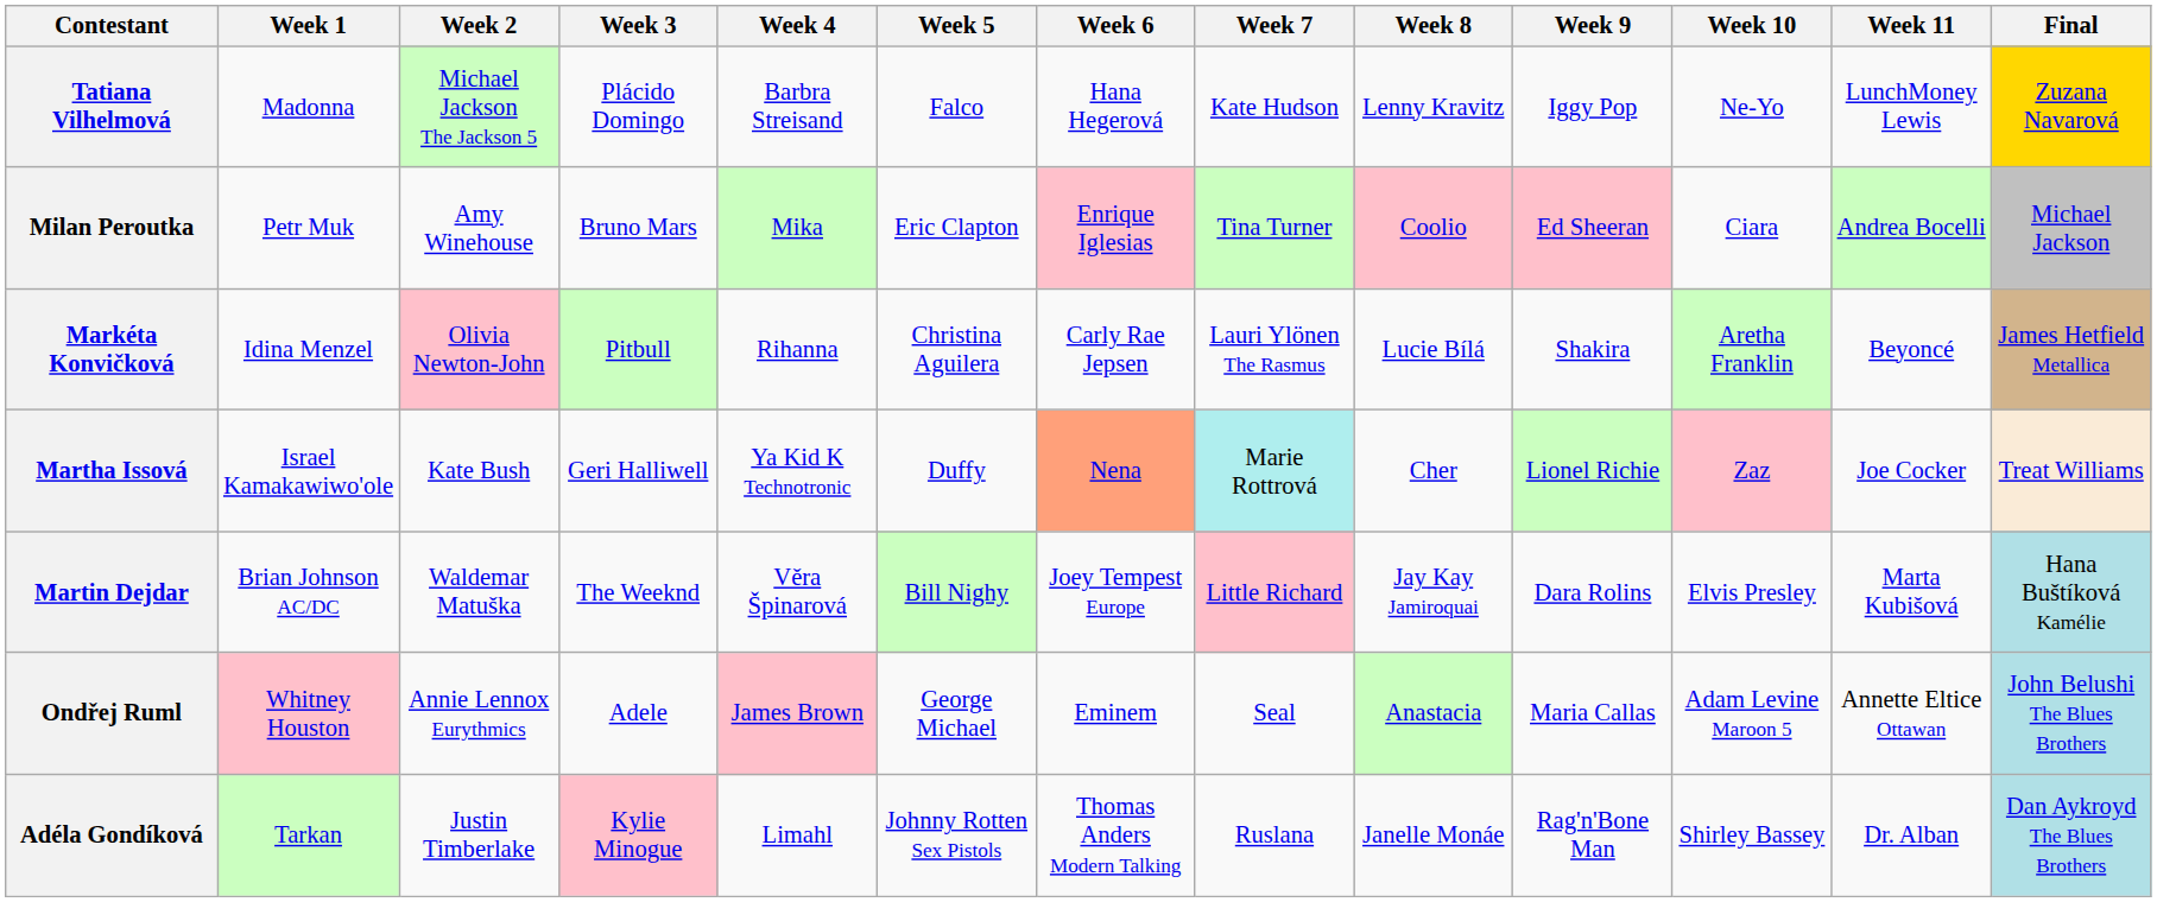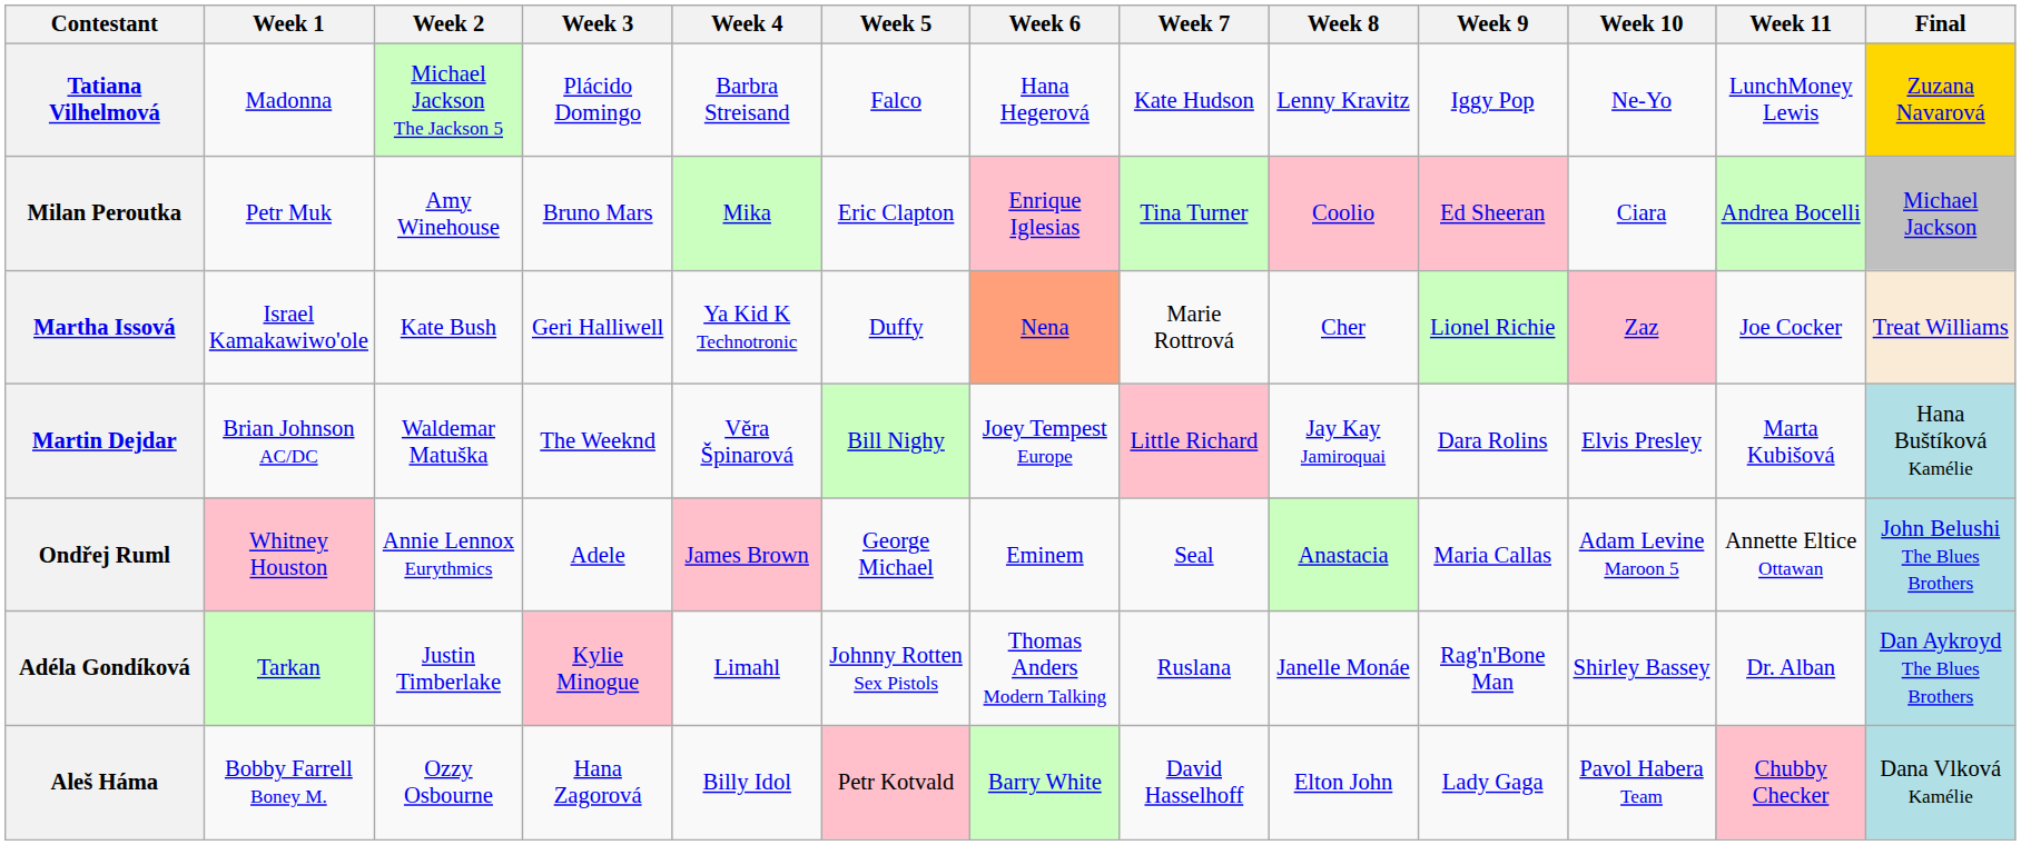 <table class="wikitable" style="font-size:90%; text-align:center; margin-left: auto; margin-right: auto">
 <tr>
 <th style="width: 10%;">Contestant</th>
 <th style="width: 7.5%;">Week 1</th>
 <th style="width: 7.5%;">Week 2</th>
 <th style="width: 7.5%;">Week 3</th>
 <th style="width: 7.5%;">Week 4</th>
 <th style="width: 7.5%;">Week 5</th>
 <th style="width: 7.5%;">Week 6</th>
 <th style="width: 7.5%;">Week 7</th>
 <th style="width: 7.5%;">Week 8</th>
 <th style="width: 7.5%;">Week 9</th>
 <th style="width: 7.5%;">Week 10</th>
 <th style="width: 7.5%;">Week 11</th>
 <th style="width: 7.5%;">Final</th>
 </tr>
 <tr>
 <th style=height:4.5em><a href='#'>Tatiana Vilhelmová</a></th>
 <td><a href='#'>Madonna</a></td>
 <td style="background:#cbffc0"><a href='#'>Michael Jackson</a> <br><small><a href='#'>The Jackson 5</a></small></td>
 <td><a href='#'>Plácido Domingo</a></td>
 <td><a href='#'>Barbra Streisand</a></td>
 <td><a href='#'>Falco</a></td>
 <td><a href='#'>Hana Hegerová</a></td>
 <td><a href='#'>Kate Hudson</a></td>
 <td><a href='#'>Lenny Kravitz</a></td>
 <td><a href='#'>Iggy Pop</a></td>
 <td><a href='#'>Ne-Yo</a></td>
 <td><a href='#'>LunchMoney Lewis</a></td>
 <td style="background:gold;"><a href='#'>Zuzana Navarová</a></td>
 </tr>
 <tr>
 <th style=height:4.5em>Milan Peroutka</th>
 <td><a href='#'>Petr Muk</a></td>
 <td><a href='#'>Amy Winehouse</a></td>
 <td><a href='#'>Bruno Mars</a></td>
 <td style="background:#cbffc0"><a href='#'>Mika</a></td>
 <td><a href='#'>Eric Clapton</a></td>
 <td style="background:pink"><a href='#'>Enrique Iglesias</a></td>
 <td style="background:#cbffc0"><a href='#'>Tina Turner</a></td>
 <td style="background:pink"><a href='#'>Coolio</a></td>
 <td style="background:pink"><a href='#'>Ed Sheeran</a></td>
 <td><a href='#'>Ciara</a></td>
 <td style="background:#cbffc0"><a href='#'>Andrea Bocelli</a></td>
 <td style="background:silver;"><a href='#'>Michael Jackson</a></td>
 </tr>
 <tr>
-<th style=height:4.5em><a href='#'>Markéta Konvičková</a></th>
-<td><a href='#'>Idina Menzel</a></td>
-<td style="background:pink"><a href='#'>Olivia Newton-John</a></td>
-<td style="background:#cbffc0"><a href='#'>Pitbull</a></td>
-<td><a href='#'>Rihanna</a></td>
-<td><a href='#'>Christina Aguilera</a></td>
-<td><a href='#'>Carly Rae Jepsen</a></td>
-<td><a href='#'>Lauri Ylönen</a> <br><small><a href='#'>The Rasmus</a></small></td>
-<td><a href='#'>Lucie Bílá</a></td>
-<td><a href='#'>Shakira</a></td>
-<td style="background:#cbffc0"><a href='#'>Aretha Franklin</a></td>
-<td><a href='#'>Beyoncé</a></td>
-<td style="background:tan"><a href='#'>James Hetfield</a> <br><small><a href='#'>Metallica</a></small></td>
-</tr>
-<tr>
 <th style=height:4.5em><a href='#'>Martha Issová</a></th>
 <td><a href='#'>Israel Kamakawiwo'ole</a></td>
 <td><a href='#'>Kate Bush</a></td>
 <td><a href='#'>Geri Halliwell</a></td>
 <td><a href='#'>Ya Kid K</a> <br><small><a href='#'>Technotronic</a></small></td>
 <td><a href='#'>Duffy</a></td>
 <td style="background: lightsalmon;"><a href='#'>Nena</a></td>
-<td style="background: paleturquoise;">Marie Rottrová</td>
+<td>Marie Rottrová</td>
 <td><a href='#'>Cher</a></td>
 <td style="background:#cbffc0"><a href='#'>Lionel Richie</a></td>
 <td style="background:pink"><a href='#'>Zaz</a></td>
 <td><a href='#'>Joe Cocker</a></td>
 <td style="background:antiquewhite"><a href='#'>Treat Williams</a></td>
 </tr>
 <tr>
 <th style=height:4.5em><a href='#'>Martin Dejdar</a></th>
 <td><a href='#'>Brian Johnson</a> <br><small><a href='#'>AC/DC</a></small></td>
 <td><a href='#'>Waldemar Matuška</a></td>
 <td><a href='#'>The Weeknd</a></td>
 <td><a href='#'>Věra Špinarová</a></td>
 <td style="background:#cbffc0"><a href='#'>Bill Nighy</a></td>
 <td><a href='#'>Joey Tempest</a> <br><small><a href='#'>Europe</a></small></td>
 <td style="background:pink"><a href='#'>Little Richard</a></td>
 <td><a href='#'>Jay Kay</a> <br><small><a href='#'>Jamiroquai</a></small></td>
 <td><a href='#'>Dara Rolins</a></td>
 <td><a href='#'>Elvis Presley</a></td>
 <td><a href='#'>Marta Kubišová</a></td>
 <td style="background:#b0e0e6">Hana Buštíková <br><small>Kamélie</small></td>
 </tr>
 <tr>
 <th style=height:4.5em>Ondřej Ruml</th>
 <td style="background:pink"><a href='#'>Whitney Houston</a></td>
 <td><a href='#'>Annie Lennox</a> <br><small><a href='#'>Eurythmics</a></small></td>
 <td><a href='#'>Adele</a></td>
 <td style="background:pink"><a href='#'>James Brown</a></td>
 <td><a href='#'>George Michael</a></td>
 <td><a href='#'>Eminem</a></td>
 <td><a href='#'>Seal</a></td>
 <td style="background:#cbffc0"><a href='#'>Anastacia</a></td>
 <td><a href='#'>Maria Callas</a></td>
 <td><a href='#'>Adam Levine</a> <br><small><a href='#'>Maroon 5</a></small></td>
 <td>Annette Eltice <br><small><a href='#'>Ottawan</a></small></td>
 <td style="background:#b0e0e6"><a href='#'>John Belushi</a> <br><small><a href='#'>The Blues Brothers</a></small></td>
 </tr>
 <tr>
 <th style=height:4.5em>Adéla Gondíková</th>
 <td style="background:#cbffc0"><a href='#'>Tarkan</a></td>
 <td><a href='#'>Justin Timberlake</a></td>
 <td style="background:pink"><a href='#'>Kylie Minogue</a></td>
 <td><a href='#'>Limahl</a></td>
 <td><a href='#'>Johnny Rotten</a> <br><small><a href='#'>Sex Pistols</a></small></td>
 <td><a href='#'>Thomas Anders</a> <br><small><a href='#'>Modern Talking</a></small></td>
 <td><a href='#'>Ruslana</a></td>
 <td><a href='#'>Janelle Monáe</a></td>
 <td><a href='#'>Rag'n'Bone Man</a></td>
 <td><a href='#'>Shirley Bassey</a></td>
 <td><a href='#'>Dr. Alban</a></td>
 <td style="background:#b0e0e6"><a href='#'>Dan Aykroyd</a> <br><small><a href='#'>The Blues Brothers</a></small></td>
 </tr>
+<tr>
+<th style=height:4.5em>Aleš Háma</th>
+<td><a href='#'>Bobby Farrell</a> <br><small><a href='#'>Boney M.</a></small></td>
+<td><a href='#'>Ozzy Osbourne</a></td>
+<td><a href='#'>Hana Zagorová</a></td>
+<td><a href='#'>Billy Idol</a></td>
+<td style="background:pink">Petr Kotvald</td>
+<td style="background:#cbffc0"><a href='#'>Barry White</a></td>
+<td><a href='#'>David Hasselhoff</a></td>
+<td><a href='#'>Elton John</a></td>
+<td><a href='#'>Lady Gaga</a></td>
+<td><a href='#'>Pavol Habera</a> <br><small><a href='#'>Team</a></small></td>
+<td style="background:pink"><a href='#'>Chubby Checker</a></td>
+<td style="background:#b0e0e6">Dana Vlková <br><small>Kamélie</small></td>
+</tr>
 </table>
